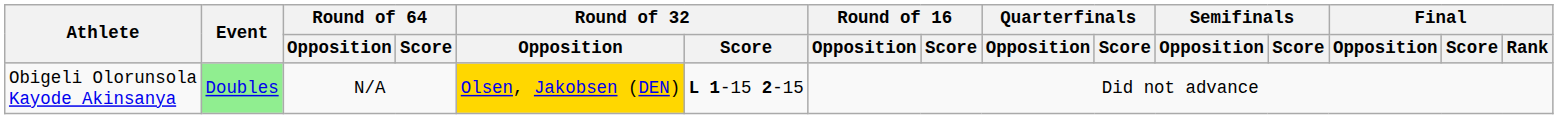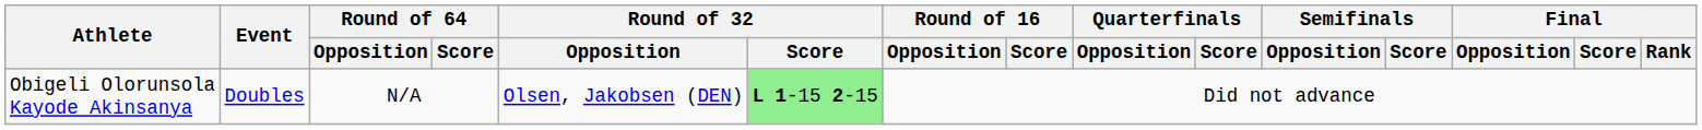 <table class=wikitable style="font-size:90%">
 <tr>
 <th rowspan="2">Athlete</th>
 <th rowspan="2">Event</th>
 <th colspan="2">Round of 64</th>
 <th colspan="2">Round of 32</th>
 <th colspan="2">Round of 16</th>
 <th colspan="2">Quarterfinals</th>
 <th colspan="2">Semifinals</th>
 <th colspan="3">Final</th>
 </tr>
 <tr>
 <th>Opposition</th>
 <th>Score</th>
 <th>Opposition</th>
 <th>Score</th>
 <th>Opposition</th>
 <th>Score</th>
 <th>Opposition</th>
 <th>Score</th>
 <th>Opposition</th>
 <th>Score</th>
 <th>Opposition</th>
 <th>Score</th>
 <th>Rank</th>
 </tr>
 <tr>
 <td>Obigeli Olorunsola<br><a href='#'>Kayode Akinsanya</a></td>
-<td style="background: lightgreen;"><a href='#'>Doubles</a></td>
+<td><a href='#'>Doubles</a></td>
 <td align=center colspan=2>N/A</td>
-<td style="background: gold;"> <a href='#'>Olsen</a>, <a href='#'>Jakobsen</a> (<a href='#'>DEN</a>)</td>
-<td><strong>L</strong> <strong>1</strong>-15 <strong>2</strong>-15</td>
+<td> <a href='#'>Olsen</a>, <a href='#'>Jakobsen</a> (<a href='#'>DEN</a>)</td>
+<td style="background: lightgreen;"><strong>L</strong> <strong>1</strong>-15 <strong>2</strong>-15</td>
 <td align=center colspan=9>Did not advance</td>
 </tr>
 </table>
